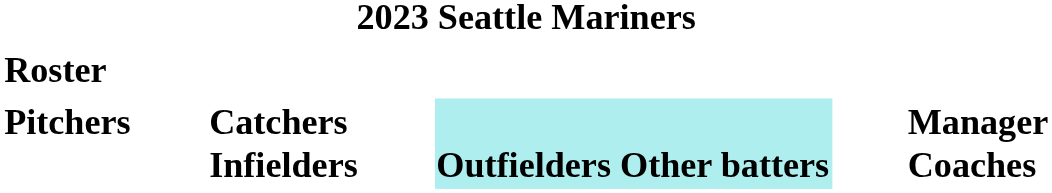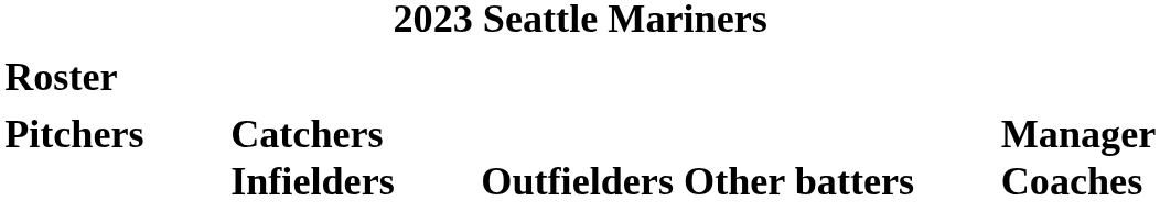 <table class="toccolours" style="font-size: 95%;">
 <tr>
 <th colspan="10">2023 Seattle Mariners</th>
 </tr>
 <tr>
 <td colspan="10"><strong>Roster</strong></td>
 </tr>
 <tr>
 <td valign="top"><strong>Pitchers</strong><br>                                 </td>
 <td style="width:25px;"></td>
 <td valign="top"><strong>Catchers</strong><br>    <strong>Infielders</strong>        </td>
 <td style="width:25px;"></td>
-<td valign="top" style="background: paleturquoise;"><br><strong>Outfielders</strong>          <strong>Other batters</strong> </td>
+<td valign="top"><br><strong>Outfielders</strong>          <strong>Other batters</strong> </td>
 <td style="width:25px;"></td>
 <td valign="top"><strong>Manager</strong><br> <strong>Coaches</strong>                        </td>
 </tr>
 </table>
